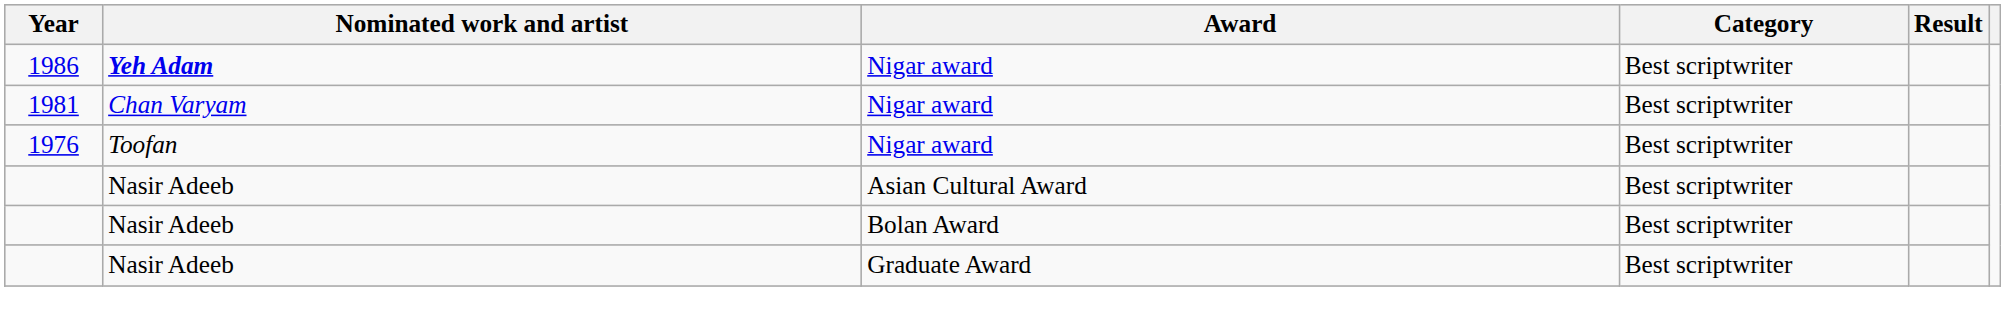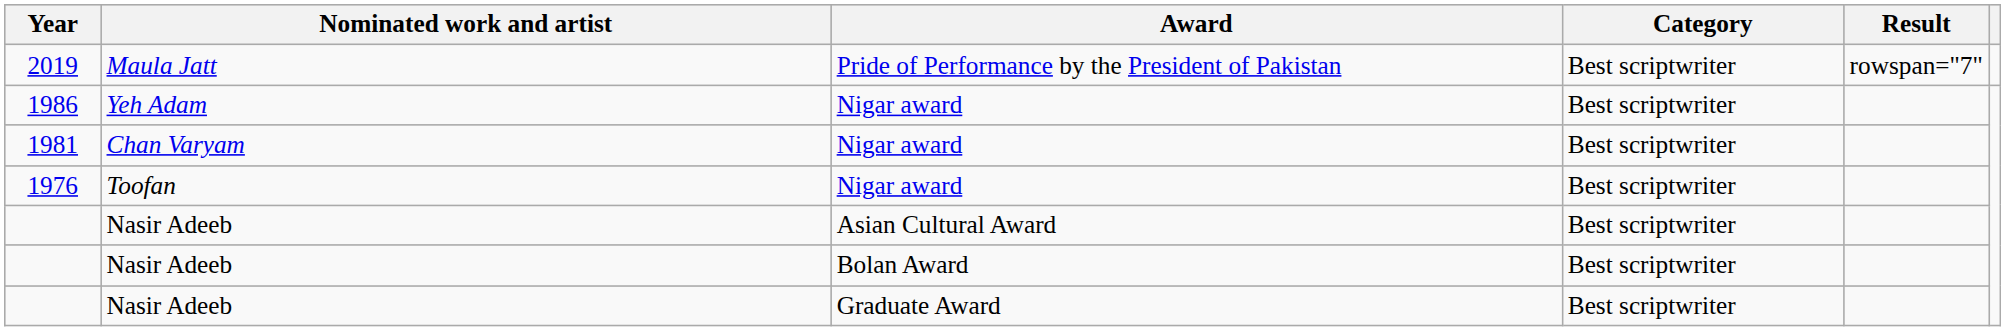 <table class="wikitable sortable" width=100%>
 <tr>
 <th width=5%>Year</th>
 <th style="width:40%;">Nominated work and artist</th>
 <th style="width:40%;">Award</th>
 <th style="width:40%;">Category</th>
 <th style="width:10%;">Result</th>
 <th width=5%></th>
 </tr>
 <tr>
+<td style="text-align:center;"><a href='#'>2019</a></td>
+<td style="text-align:left;"><em><a href='#'>Maula Jatt</a></em></td>
+<td><a href='#'>Pride of Performance</a> by the <a href='#'>President of Pakistan</a></td>
+<td style="text-align:left;">Best scriptwriter</td>
+<td>rowspan="7"</td>
+<td style="text-align:center;"></td>
+</tr>
+<tr>
 <td style="text-align:center;"><a href='#'>1986</a></td>
-<td style="text-align:left;"><strong><em><a href='#'>Yeh Adam</a></em></strong></td>
+<td style="text-align:left;"><em><a href='#'>Yeh Adam</a></em></td>
 <td><a href='#'>Nigar award</a></td>
 <td style="text-align:left;">Best scriptwriter</td>
 <td style="text-align:center;"></td>
 </tr>
 <tr>
 <td style="text-align:center;"><a href='#'>1981</a></td>
 <td style="text-align:left;"><em><a href='#'>Chan Varyam</a></em></td>
 <td><a href='#'>Nigar award</a></td>
 <td style="text-align:left;">Best scriptwriter</td>
 <td style="text-align:center;"></td>
 </tr>
 <tr>
 <td style="text-align:center;"><a href='#'>1976</a></td>
 <td style="text-align:left;"><em>Toofan</em></td>
 <td><a href='#'>Nigar award</a></td>
 <td style="text-align:left;">Best scriptwriter</td>
 <td style="text-align:center;"></td>
 </tr>
 <tr>
 <td></td>
 <td style="text-align:left;">Nasir Adeeb</td>
 <td>Asian Cultural Award</td>
 <td style="text-align:left;">Best scriptwriter</td>
 <td style="text-align:center;"></td>
 </tr>
 <tr>
 <td></td>
 <td style="text-align:left;">Nasir Adeeb</td>
 <td>Bolan Award</td>
 <td style="text-align:left;">Best scriptwriter</td>
 <td style="text-align:center;"></td>
 </tr>
 <tr>
 <td></td>
 <td style="text-align:left;">Nasir Adeeb</td>
 <td>Graduate Award</td>
 <td style="text-align:left;">Best scriptwriter</td>
 <td style="text-align:center;"></td>
 </tr>
 </table>
